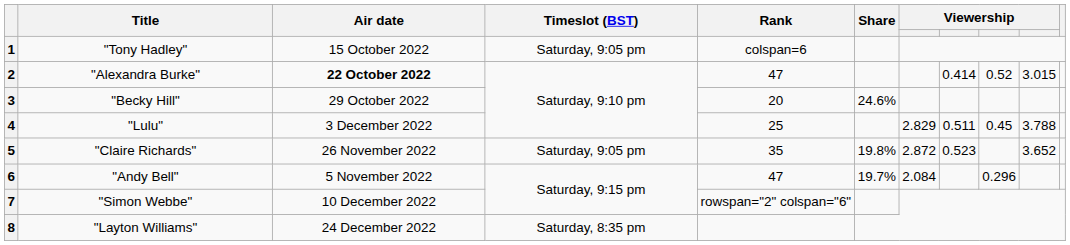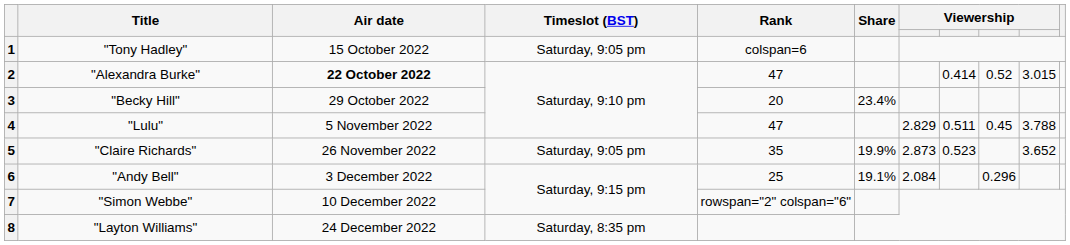 <table class="sortable wikitable plainrowheaders mw-collapsible" style=" text-align:center; line-height:23px; width:100%;">
 <tr>
 <th rowspan=2 class="unsortable"></th>
 <th rowspan=2 class="unsortable" width=24%>Title</th>
 <th rowspan=2 class="unsortable" width=20%>Air date</th>
 <th rowspan=2 class="unsortable" width=20%>Timeslot (<a href='#'>BST</a>)</th>
 <th rowspan=2 class="unsortable">Rank</th>
 <th rowspan=2>Share</th>
 <th colspan=4>Viewership</th>
 <th rowspan=2 class="unsortable"></th>
 </tr>
 <tr>
 <th></th>
 <th></th>
 <th></th>
 <th></th>
 </tr>
 <tr>
 <th>1</th>
 <td>"Tony Hadley"</td>
 <td>15 October 2022</td>
 <td>Saturday, 9:05 pm</td>
 <td>colspan=6 </td>
 <td></td>
 </tr>
 <tr>
 <th>2</th>
 <td>"Alexandra Burke"</td>
 <td><strong>22 October 2022</strong></td>
 <td rowspan="3">Saturday, 9:10 pm</td>
 <td>47</td>
 <td></td>
 <td></td>
 <td>0.414</td>
 <td>0.52</td>
 <td>3.015</td>
 <td></td>
 </tr>
 <tr>
 <th>3</th>
 <td>"Becky Hill"</td>
 <td>29 October 2022</td>
 <td>20</td>
-<td>24.6%</td>
+<td>23.4%</td>
 <td></td>
 <td></td>
 <td></td>
 <td></td>
 <td></td>
 </tr>
 <tr>
 <th>4</th>
 <td>"Lulu"</td>
-<td>3 December 2022</td>
-<td>25</td>
+<td>5 November 2022</td>
+<td>47</td>
 <td></td>
 <td>2.829</td>
 <td>0.511</td>
 <td>0.45</td>
 <td>3.788</td>
 <td></td>
 </tr>
 <tr>
 <th>5</th>
 <td>"Claire Richards"</td>
 <td>26 November 2022</td>
 <td>Saturday, 9:05 pm</td>
 <td>35</td>
-<td>19.8%</td>
-<td>2.872</td>
+<td>19.9%</td>
+<td>2.873</td>
 <td>0.523</td>
 <td></td>
 <td>3.652</td>
 <td></td>
 </tr>
 <tr>
 <th>6</th>
 <td>"Andy Bell"</td>
-<td>5 November 2022</td>
+<td>3 December 2022</td>
 <td rowspan="2">Saturday, 9:15 pm</td>
-<td>47</td>
-<td>19.7%</td>
+<td>25</td>
+<td>19.1%</td>
 <td>2.084</td>
 <td></td>
 <td>0.296</td>
 <td></td>
 <td></td>
 </tr>
 <tr>
 <th>7</th>
 <td>"Simon Webbe"</td>
 <td>10 December 2022</td>
 <td>rowspan="2" colspan="6" </td>
 <td></td>
 </tr>
 <tr>
 <th>8</th>
 <td>"Layton Williams"</td>
 <td>24 December 2022</td>
 <td>Saturday, 8:35 pm</td>
 <td></td>
 </tr>
 </table>
